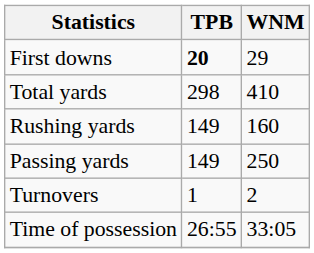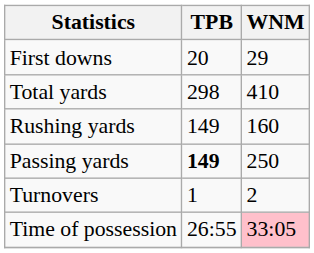 <table class="wikitable" style="float: left;">
 <tr>
 <th>Statistics</th>
 <th>TPB</th>
 <th>WNM</th>
 </tr>
 <tr>
 <td>First downs</td>
-<td><strong>20</strong></td>
+<td>20</td>
 <td>29</td>
 </tr>
 <tr>
 <td>Total yards</td>
 <td>298</td>
 <td>410</td>
 </tr>
 <tr>
 <td>Rushing yards</td>
 <td>149</td>
 <td>160</td>
 </tr>
 <tr>
 <td>Passing yards</td>
-<td>149</td>
+<td><strong>149</strong></td>
 <td>250</td>
 </tr>
 <tr>
 <td>Turnovers</td>
 <td>1</td>
 <td>2</td>
 </tr>
 <tr>
 <td>Time of possession</td>
 <td>26:55</td>
-<td>33:05</td>
+<td style="background: pink;">33:05</td>
 </tr>
 <tr>
 </tr>
 </table>
